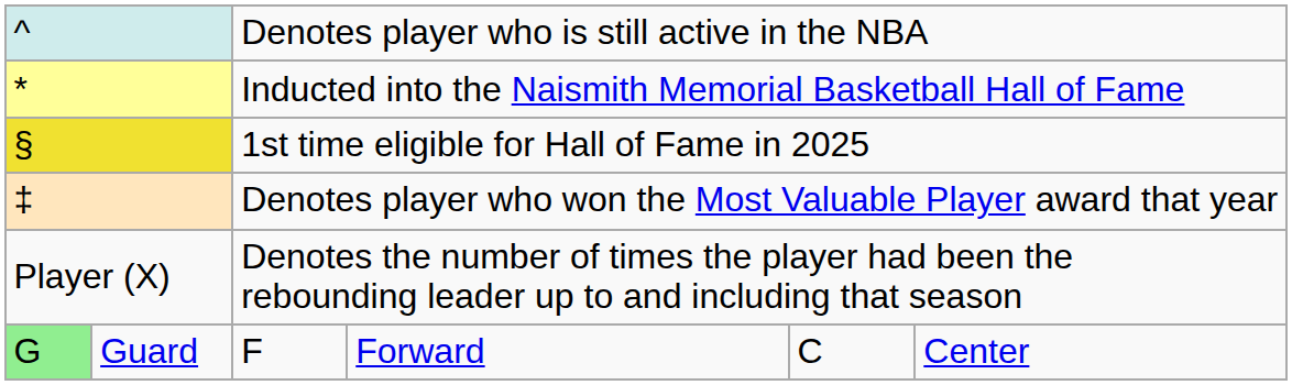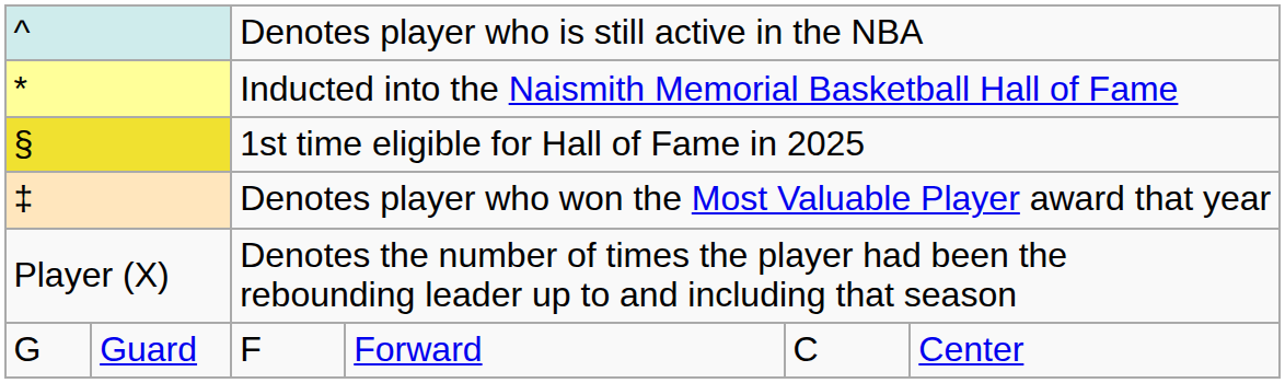 <table class="wikitable">
 <tr>
 <td style="background-color:#CFECEC; width:6em" colspan=2>^</td>
 <td colspan=5>Denotes player who is still active in the NBA</td>
 </tr>
 <tr>
 <td style="background-color:#FFFF99; width:6em" colspan=2>*</td>
 <td colspan=5>Inducted into the <a href='#'>Naismith Memorial Basketball Hall of Fame</a></td>
 </tr>
 <tr>
 <td style="background:#F0E130; width:1em" colspan=2>§</td>
 <td colspan=5>1st time eligible for Hall of Fame in 2025</td>
 </tr>
 <tr>
 <td style="background-color:#FFE6BD; border:1px solid #aaaaaa; width:6em" colspan=2>‡</td>
 <td colspan=5>Denotes player who won the <a href='#'>Most Valuable Player</a> award that year</td>
 </tr>
 <tr>
 <td colspan=2>Player (X)</td>
 <td colspan=5>Denotes the number of times the player had been the<br>rebounding leader up to and including that season</td>
 </tr>
 <tr>
-<td style="background: lightgreen; width:2em">G</td>
+<td style="width:2em">G</td>
 <td colspan=2><a href='#'>Guard</a></td>
 <td>F</td>
 <td><a href='#'>Forward</a></td>
 <td>C</td>
 <td><a href='#'>Center</a></td>
 </tr>
 </table>
